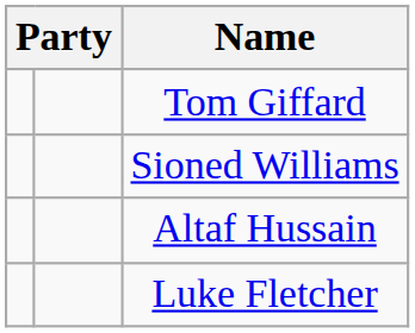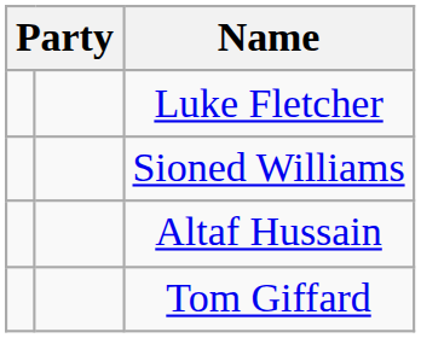 <table class="wikitable" style="text-align:center">
 <tr>
 <th colspan="2">Party</th>
 <th>Name</th>
 </tr>
 <tr>
-<td style="width: 4px"></td>
+<td style="width: 4px" bgcolor=></td>
 <td style="text-align: left;" scope="row"><a href='#'></a></td>
-<td><a href='#'>Tom Giffard</a></td>
+<td><a href='#'>Luke Fletcher</a></td>
 </tr>
 <tr>
 <td style="width: 4px" bgcolor=></td>
 <td style="text-align: left;" scope="row"><a href='#'></a></td>
 <td><a href='#'>Sioned Williams</a></td>
 </tr>
 <tr>
 <td style="width: 4px"></td>
 <td style="text-align: left;" scope="row"><a href='#'></a></td>
 <td><a href='#'>Altaf Hussain</a></td>
 </tr>
 <tr>
-<td style="width: 4px" bgcolor=></td>
+<td style="width: 4px"></td>
 <td style="text-align: left;" scope="row"><a href='#'></a></td>
-<td><a href='#'>Luke Fletcher</a></td>
+<td><a href='#'>Tom Giffard</a></td>
 </tr>
 </table>
